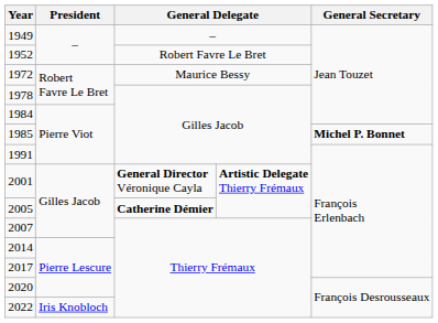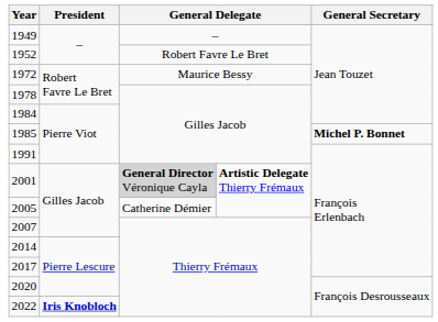 <table class="wikitable" style="float:right; margin-left:14px">
 <tr>
 <th scope="col">Year</th>
 <th scope="col">President</th>
 <th scope="col" colspan=2>General Delegate</th>
 <th scope="col">General Secretary</th>
 </tr>
 <tr>
 <td>1949</td>
 <td rowspan=2 style="text-align:center">–</td>
 <td colspan=2 style="text-align:center">–</td>
 <td rowspan=5>Jean Touzet</td>
 </tr>
 <tr>
 <td>1952</td>
 <td colspan=2 style="text-align:center">Robert Favre Le Bret</td>
 </tr>
 <tr>
 <td>1972</td>
 <td rowspan=2>Robert<br>Favre Le Bret</td>
 <td colspan=2 style="text-align:center">Maurice Bessy</td>
 </tr>
 <tr>
 <td>1978</td>
 <td colspan=2 rowspan=4 style="text-align:center">Gilles Jacob</td>
 </tr>
 <tr>
 <td>1984</td>
 <td rowspan=3>Pierre Viot</td>
 </tr>
 <tr>
 <td>1985</td>
 <td><strong>Michel P. Bonnet</strong></td>
 </tr>
 <tr>
 <td>1991</td>
 <td rowspan=6>François<br>Erlenbach</td>
 </tr>
 <tr>
 <td>2001</td>
 <td rowspan=3>Gilles Jacob</td>
-<td><span><strong>General Director</strong></span><br>Véronique Cayla</td>
+<td style="background: lightgrey;"><span><strong>General Director</strong></span><br>Véronique Cayla</td>
 <td rowspan=2 style="vertical-align:top"><span><strong>Artistic Delegate</strong></span><br><a href='#'>Thierry Frémaux</a></td>
 </tr>
 <tr>
 <td>2005</td>
-<td><strong>Catherine Démier</strong></td>
+<td>Catherine Démier</td>
 </tr>
 <tr>
 <td>2007</td>
 <td colspan=2 rowspan=5 style="text-align:center"><a href='#'>Thierry Frémaux</a></td>
 </tr>
 <tr>
 <td>2014</td>
 <td rowspan=3><a href='#'>Pierre Lescure</a></td>
 </tr>
 <tr>
 <td>2017</td>
 </tr>
 <tr>
 <td>2020</td>
 <td rowspan=2>François Desrousseaux</td>
 </tr>
 <tr>
 <td>2022</td>
-<td><a href='#'>Iris Knobloch</a></td>
+<td><strong><a href='#'>Iris Knobloch</a></strong></td>
 </tr>
 </table>
